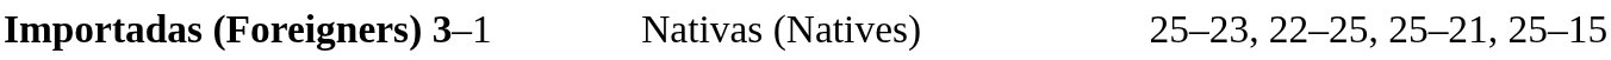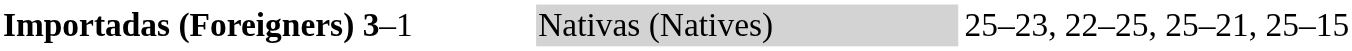 <table>
 <tr>
 <th width=200></th>
 <th width=80></th>
 <th width=200></th>
 <th width=220></th>
 </tr>
 <tr>
 <td align=right><strong>Importadas (Foreigners)</strong></td>
 <td align=c enter><strong>3</strong>–1</td>
-<td>Nativas (Natives)</td>
+<td style="background: lightgrey;">Nativas (Natives)</td>
 <td>25–23, 22–25, 25–21, 25–15</td>
 </tr>
 </table>
